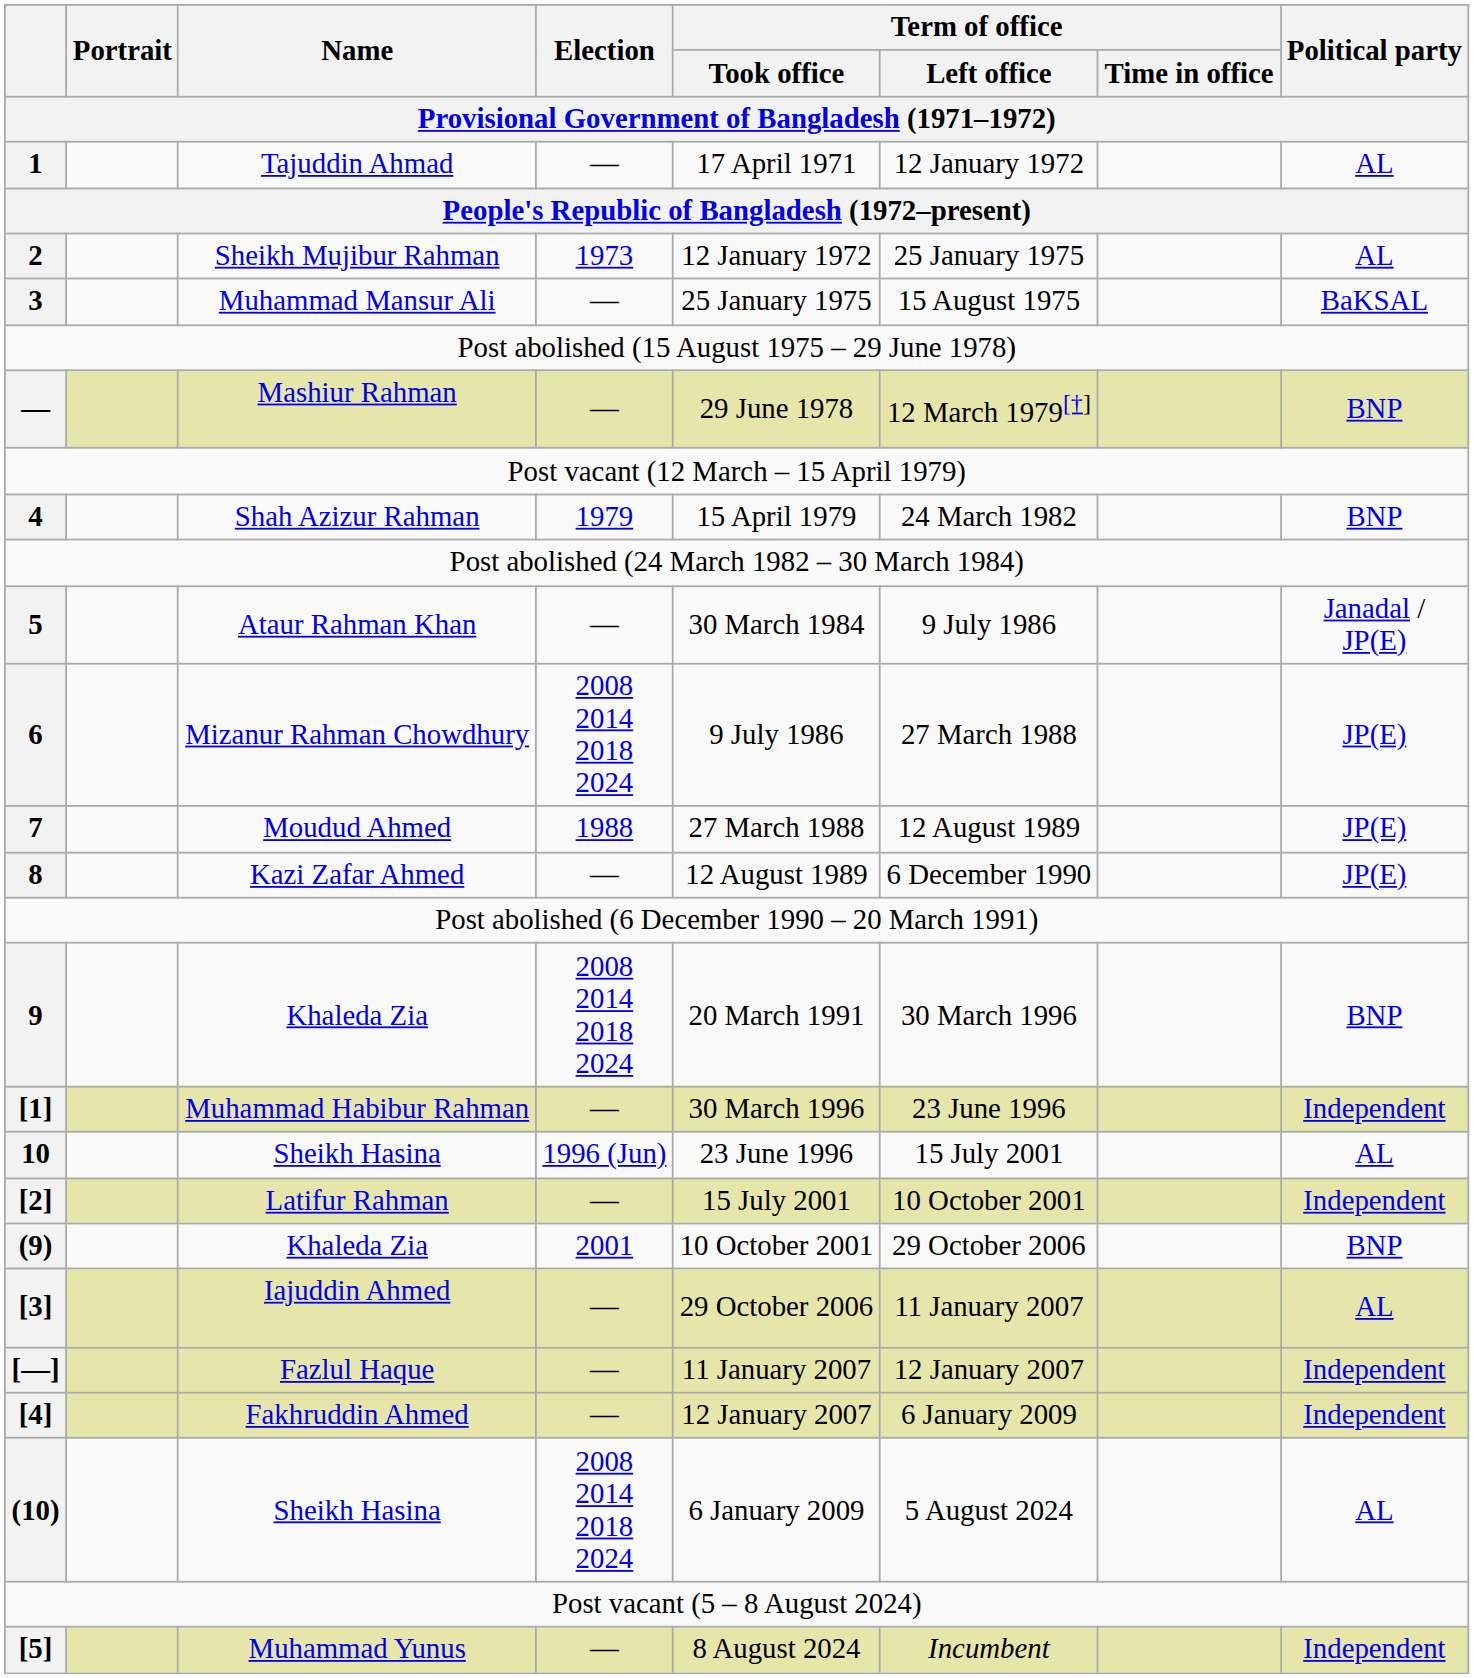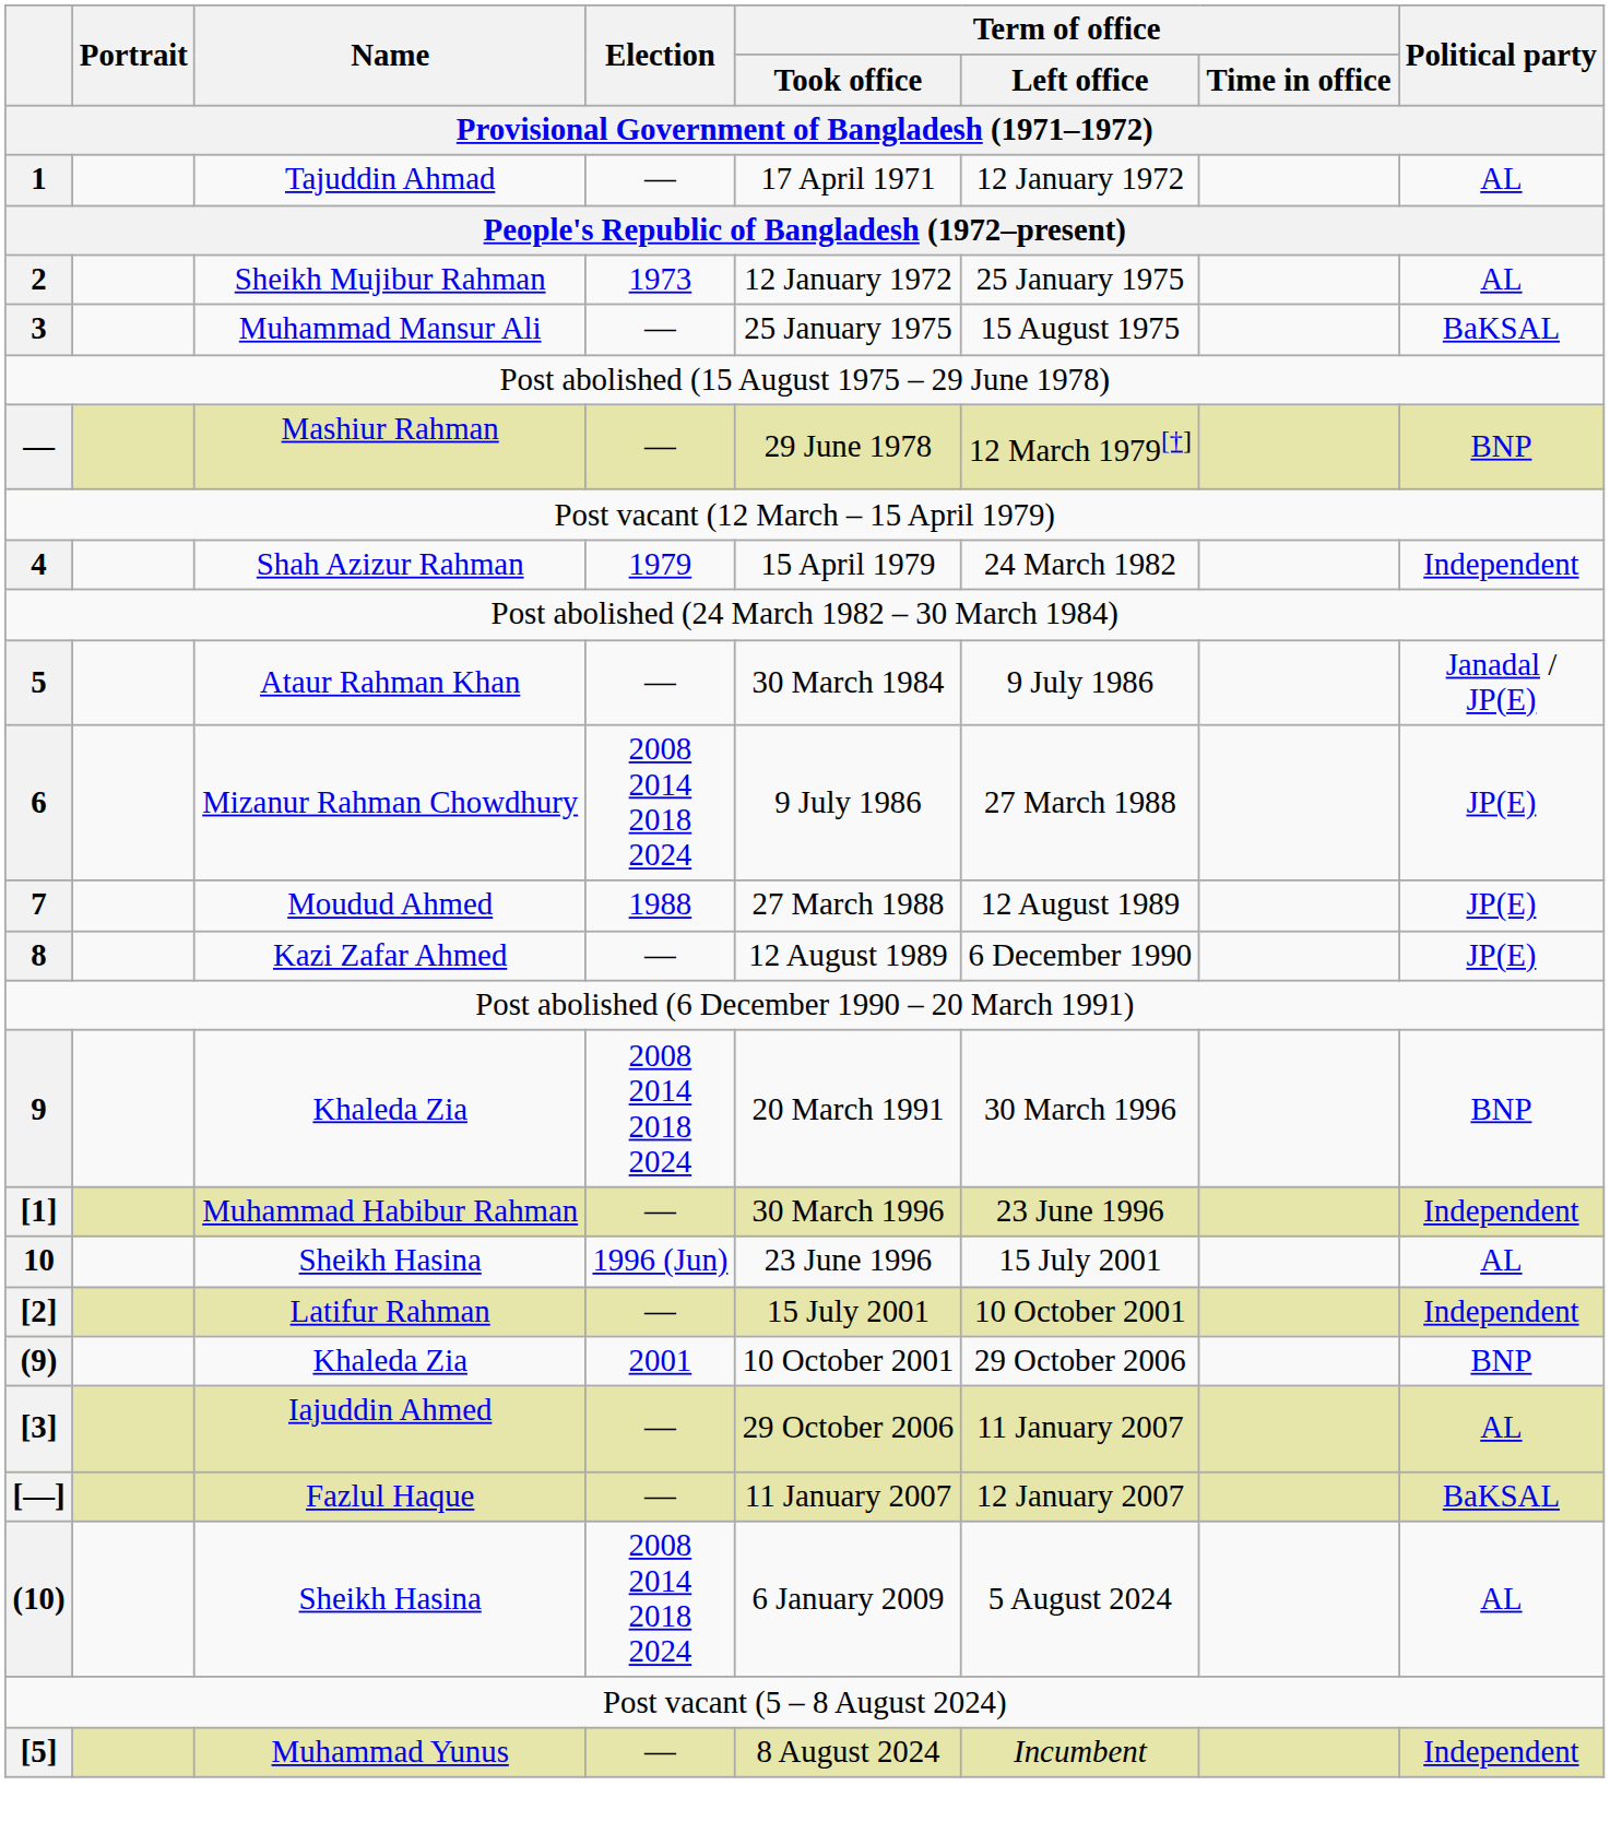 <table class="wikitable" style="text-align:center">
 <tr>
 <th rowspan="2"></th>
 <th rowspan="2">Portrait</th>
 <th rowspan="2">Name<br></th>
 <th rowspan="2">Election</th>
 <th colspan="3">Term of office</th>
 <th rowspan="2">Political party<br></th>
 </tr>
 <tr>
 <th>Took office</th>
 <th>Left office</th>
 <th>Time in office</th>
 </tr>
 <tr>
 <th colspan="8"><a href='#'>Provisional Government of Bangladesh</a> (1971–1972)</th>
 </tr>
 <tr>
 <th style="background:">1</th>
 <td></td>
 <td><a href='#'>Tajuddin Ahmad</a><br></td>
 <td>—</td>
 <td>17 April 1971</td>
 <td>12 January 1972</td>
 <td></td>
 <td><a href='#'>AL</a></td>
 </tr>
 <tr>
 <th colspan="8"><a href='#'>People's Republic of Bangladesh</a> (1972–present)</th>
 </tr>
 <tr>
 <th style="background:">2</th>
 <td></td>
 <td><a href='#'>Sheikh Mujibur Rahman</a><br></td>
 <td><a href='#'>1973</a></td>
 <td>12 January 1972</td>
 <td>25 January 1975</td>
 <td></td>
 <td><a href='#'>AL</a></td>
 </tr>
 <tr>
 <th style="background:">3</th>
 <td></td>
 <td><a href='#'>Muhammad Mansur Ali</a><br></td>
 <td>—</td>
 <td>25 January 1975</td>
 <td>15 August 1975<br></td>
 <td></td>
 <td><a href='#'>BaKSAL</a></td>
 </tr>
 <tr>
 <td colspan="8">Post abolished (15 August 1975 – 29 June 1978)</td>
 </tr>
 <tr style="background:#E6E6AA;">
 <th style="background:">—</th>
 <td></td>
 <td><a href='#'>Mashiur Rahman</a><br><br></td>
 <td>—</td>
 <td>29 June 1978</td>
 <td>12 March 1979<sup><a href='#'>[†</a>]</sup></td>
 <td></td>
 <td><a href='#'>BNP</a></td>
 </tr>
 <tr>
 <td colspan="8">Post vacant (12 March – 15 April 1979)</td>
 </tr>
 <tr>
 <th style="background:">4</th>
 <td></td>
 <td><a href='#'>Shah Azizur Rahman</a><br></td>
 <td><a href='#'>1979</a></td>
 <td>15 April 1979</td>
 <td>24 March 1982<br></td>
 <td></td>
-<td><a href='#'>BNP</a></td>
+<td><a href='#'>Independent</a></td>
 </tr>
 <tr>
 <td colspan="8">Post abolished (24 March 1982 – 30 March 1984)</td>
 </tr>
 <tr>
 <th style="background:">5</th>
 <td></td>
 <td><a href='#'>Ataur Rahman Khan</a><br></td>
 <td>—</td>
 <td>30 March 1984</td>
 <td>9 July 1986</td>
 <td></td>
 <td><a href='#'>Janadal</a> / <br><a href='#'>JP(E)</a></td>
 </tr>
 <tr>
 <th style="background:">6</th>
 <td></td>
 <td><a href='#'>Mizanur Rahman Chowdhury</a><br></td>
 <td><a href='#'>2008</a><br><a href='#'>2014</a><br><a href='#'>2018</a><br><a href='#'>2024</a></td>
 <td>9 July 1986</td>
 <td>27 March 1988</td>
 <td></td>
 <td><a href='#'>JP(E)</a></td>
 </tr>
 <tr>
 <th style="background:">7</th>
 <td></td>
 <td><a href='#'>Moudud Ahmed</a><br></td>
 <td><a href='#'>1988</a></td>
 <td>27 March 1988</td>
 <td>12 August 1989</td>
 <td></td>
 <td><a href='#'>JP(E)</a></td>
 </tr>
 <tr>
 <th style="background:">8</th>
 <td></td>
 <td><a href='#'>Kazi Zafar Ahmed</a><br></td>
 <td>—</td>
 <td>12 August 1989</td>
 <td>6 December 1990</td>
 <td></td>
 <td><a href='#'>JP(E)</a></td>
 </tr>
 <tr>
 <td colspan="8">Post abolished (6 December 1990 – 20 March 1991)</td>
 </tr>
 <tr>
 <th style="background:">9</th>
 <td></td>
 <td><a href='#'>Khaleda Zia</a><br></td>
 <td><a href='#'>2008</a><br><a href='#'>2014</a><br><a href='#'>2018</a><br><a href='#'>2024</a></td>
 <td>20 March 1991</td>
 <td>30 March 1996</td>
 <td></td>
 <td><a href='#'>BNP</a></td>
 </tr>
 <tr style="background:#E6E6AA;">
 <th style="background:">[1]</th>
 <td></td>
 <td><a href='#'>Muhammad Habibur Rahman</a><br></td>
 <td>—</td>
 <td>30 March 1996</td>
 <td>23 June 1996</td>
 <td></td>
 <td><a href='#'>Independent</a></td>
 </tr>
 <tr>
 <th style="background:">10</th>
 <td></td>
 <td><a href='#'>Sheikh Hasina</a><br></td>
 <td><a href='#'>1996 (Jun)</a></td>
 <td>23 June 1996</td>
 <td>15 July 2001</td>
 <td></td>
 <td><a href='#'>AL</a></td>
 </tr>
 <tr style="background:#E6E6AA;">
 <th style="background:">[2]</th>
 <td></td>
 <td><a href='#'>Latifur Rahman</a><br></td>
 <td>—</td>
 <td>15 July 2001</td>
 <td>10 October 2001</td>
 <td></td>
 <td><a href='#'>Independent</a></td>
 </tr>
 <tr>
 <th style="background:">(9)</th>
 <td></td>
 <td><a href='#'>Khaleda Zia</a><br></td>
 <td><a href='#'>2001</a></td>
 <td>10 October 2001</td>
 <td>29 October 2006</td>
 <td></td>
 <td><a href='#'>BNP</a><br></td>
 </tr>
 <tr style="background:#E6E6AA;">
 <th style="background:">[3]</th>
 <td></td>
 <td><a href='#'>Iajuddin Ahmed</a><br><br></td>
 <td>—</td>
 <td>29 October 2006</td>
 <td>11 January 2007</td>
 <td></td>
 <td><a href='#'>AL</a><br></td>
 </tr>
 <tr style="background:#E6E6AA;">
 <th style="background:">[—]</th>
 <td></td>
 <td><a href='#'>Fazlul Haque</a><br></td>
 <td>—</td>
 <td>11 January 2007</td>
 <td>12 January 2007</td>
 <td></td>
-<td><a href='#'>Independent</a></td>
-</tr>
-<tr style="background:#E6E6AA;">
-<th style="background:">[4]</th>
-<td></td>
-<td><a href='#'>Fakhruddin Ahmed</a><br></td>
-<td>—</td>
-<td>12 January 2007</td>
-<td>6 January 2009</td>
-<td></td>
-<td><a href='#'>Independent</a><br></td>
+<td><a href='#'>BaKSAL</a></td>
 </tr>
 <tr>
 <th style="background:">(10)</th>
 <td></td>
 <td><a href='#'>Sheikh Hasina</a><br></td>
 <td><a href='#'>2008</a><br><a href='#'>2014</a><br><a href='#'>2018</a><br><a href='#'>2024</a></td>
 <td>6 January 2009</td>
 <td>5 August 2024<br></td>
 <td></td>
 <td><a href='#'>AL</a><br></td>
 </tr>
 <tr>
 <td colspan="8">Post vacant (5 – 8 August 2024)</td>
 </tr>
 <tr style="background:#E6E6AA;">
 <th style="background:">[5]</th>
 <td></td>
 <td><a href='#'>Muhammad Yunus</a><br></td>
 <td>—</td>
 <td>8 August 2024</td>
 <td><em>Incumbent</em></td>
 <td></td>
 <td><a href='#'>Independent</a></td>
 </tr>
 </table>
